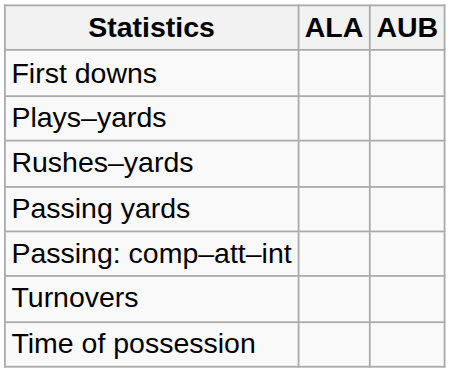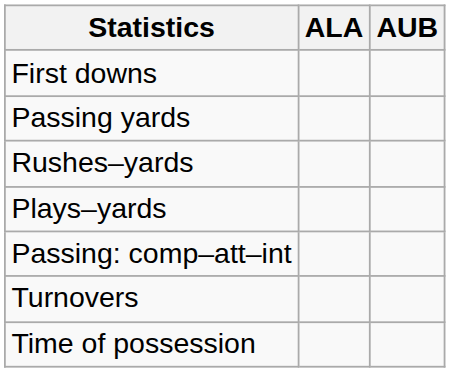 <table class="wikitable" style="float:left">
 <tr>
 <th>Statistics</th>
 <th>ALA</th>
 <th>AUB</th>
 </tr>
 <tr>
 <td>First downs</td>
 <td></td>
 <td></td>
 </tr>
 <tr>
-<td>Plays–yards</td>
+<td>Passing yards</td>
 <td></td>
 <td></td>
 </tr>
 <tr>
 <td>Rushes–yards</td>
 <td></td>
 <td></td>
 </tr>
 <tr>
-<td>Passing yards</td>
+<td>Plays–yards</td>
 <td></td>
 <td></td>
 </tr>
 <tr>
 <td>Passing: comp–att–int</td>
 <td></td>
 <td></td>
 </tr>
 <tr>
 <td>Turnovers</td>
 <td></td>
 <td></td>
 </tr>
 <tr>
 <td>Time of possession</td>
 <td></td>
 <td></td>
 </tr>
 </table>
